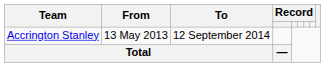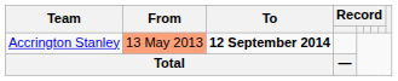 <table class=wikitable style="text-align: center">
 <tr>
 <th rowspan=2>Team</th>
 <th rowspan=2>From</th>
 <th rowspan=2>To</th>
 <th colspan=5>Record</th>
 <th rowspan=2></th>
 </tr>
 <tr>
 <th></th>
 <th></th>
 <th></th>
 <th></th>
 <th></th>
 </tr>
 <tr>
 <td align=left><a href='#'>Accrington Stanley</a></td>
-<td align=left>13 May 2013</td>
-<td align=left>12 September 2014<br></td>
+<td align=left style="background: lightsalmon;">13 May 2013</td>
+<td align=left><strong>12 September 2014<br></strong></td>
 <td></td>
 </tr>
 <tr>
 <th colspan=3>Total<br></th>
 <th>—</th>
 </tr>
 </table>
